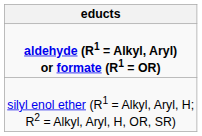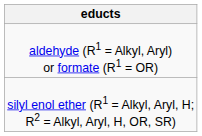 <table class="wikitable floatright" style="text-align:center">
 <tr>
 <th>educts</th>
 </tr>
 <tr>
-<td><strong><br> <a href='#'>aldehyde</a> (<span>R<sup>1</sup></span> = Alkyl, Aryl) <br> or <a href='#'>formate</a> (<span>R<sup>1</sup></span> = OR)</strong></td>
+<td><br> <a href='#'>aldehyde</a> (<span>R<sup>1</sup></span> = Alkyl, Aryl) <br> or <a href='#'>formate</a> (<span>R<sup>1</sup></span> = OR)</td>
 </tr>
 <tr>
 <td><br> <a href='#'>silyl enol ether</a> (<span>R<sup>1</sup></span> = Alkyl, Aryl, H; <br><span>R<sup>2</sup></span> = Alkyl, Aryl, H, OR, SR)</td>
 </tr>
 </table>
